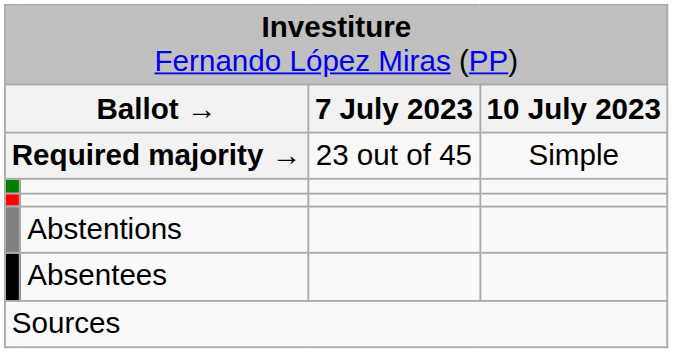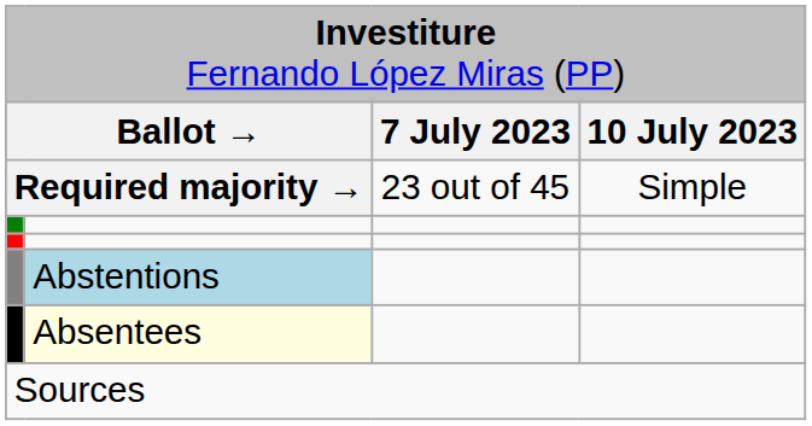 <table class="wikitable" style="text-align:center;">
 <tr>
 <td colspan="4" align="center" bgcolor="#C0C0C0"><strong>Investiture</strong><br><a href='#'>Fernando López Miras</a> (<a href='#'>PP</a>)</td>
 </tr>
 <tr>
 <th colspan="2" width="150px">Ballot →</th>
 <th>7 July 2023</th>
 <th>10 July 2023</th>
 </tr>
 <tr>
 <th colspan="2">Required majority →</th>
 <td>23 out of 45 </td>
 <td>Simple </td>
 </tr>
 <tr>
 <th width="1px" style="background:green;"></th>
 <td align="left"></td>
 <td></td>
 <td></td>
 </tr>
 <tr>
 <th style="color:inherit;background:red;"></th>
 <td align="left"></td>
 <td></td>
 <td></td>
 </tr>
 <tr>
 <th style="color:inherit;background:gray;"></th>
-<td align="left"><span>Abstentions</span></td>
+<td align="left" style="background: lightblue;"><span>Abstentions</span></td>
 <td></td>
 <td></td>
 </tr>
 <tr>
 <th style="color:inherit;background:black;"></th>
-<td align="left"><span>Absentees</span></td>
+<td align="left" style="background: lightyellow;"><span>Absentees</span></td>
 <td></td>
 <td></td>
 </tr>
 <tr>
 <td align="left" colspan="6">Sources</td>
 </tr>
 </table>
